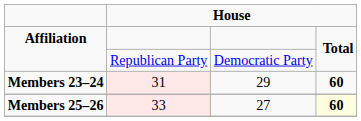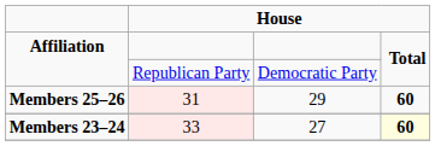 <table class="wikitable">
 <tr>
 <td style="text-align:center;vertical-align:top;"></td>
 <td colspan="4" align="center" valign="top"><strong>House</strong></td>
 </tr>
 <tr>
 <td rowspan="2" style="text-align:center;vertical-align:top;"><strong>Affiliation</strong></td>
 <td style="background-color:"> </td>
 <td style="background-color:"> </td>
 <td rowspan="2"> <strong>Total</strong></td>
 </tr>
 <tr>
 <td><a href='#'>Republican Party</a></td>
 <td><a href='#'>Democratic Party</a></td>
 </tr>
 <tr>
-<td><strong>Members 23–24</strong></td>
+<td><strong>Members 25–26</strong></td>
 <td style="background:#FFE8E8" align=center>31</td>
 <td style="text-align:center;">29</td>
 <td style="text-align:center;"><strong>60</strong></td>
 </tr>
 <tr>
 </tr>
 <tr>
-<td><strong>Members 25–26</strong></td>
+<td><strong>Members 23–24</strong></td>
 <td style="background:#FFE8E8" align=center>33</td>
 <td style="text-align:center;">27</td>
 <td style="background: lightyellow; text-align:center;"><strong>60</strong></td>
 </tr>
 <tr>
 </tr>
 </table>
